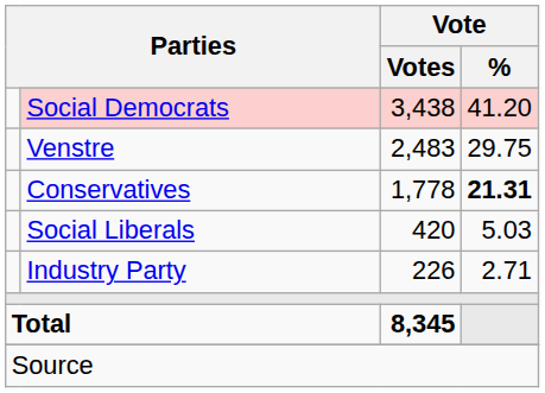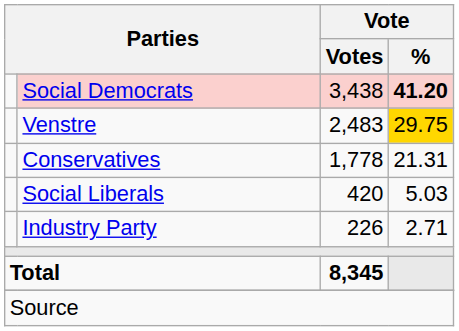 <table class="wikitable" style="text-align:right;">
 <tr>
 <th style="text-align:centre;" rowspan="2" colspan="2" width="225">Parties</th>
 <th colspan="3">Vote</th>
 </tr>
 <tr>
 <th width="15">Votes</th>
 <th width="15">%</th>
 </tr>
 <tr>
 <td width="2" style="color:inherit;background:"></td>
 <td bgcolor=#fbd0ce  align="left"><a href='#'>Social Democrats</a></td>
 <td bgcolor=#fbd0ce>3,438</td>
-<td bgcolor=#fbd0ce>41.20</td>
+<td bgcolor=#fbd0ce><strong>41.20</strong></td>
 </tr>
 <tr>
 <td width="2" style="color:inherit;background:"></td>
 <td align="left"><a href='#'>Venstre</a></td>
 <td>2,483</td>
-<td>29.75</td>
+<td style="background: gold;">29.75</td>
 </tr>
 <tr>
 <td width="2" style="color:inherit;background:"></td>
 <td align="left"><a href='#'>Conservatives</a></td>
 <td>1,778</td>
-<td><strong>21.31</strong></td>
+<td>21.31</td>
 </tr>
 <tr>
 <td width="2" style="color:inherit;background:"></td>
 <td align="left"><a href='#'>Social Liberals</a></td>
 <td>420</td>
 <td>5.03</td>
 </tr>
 <tr>
 <td width="2" style="color:inherit;background:"></td>
 <td align="left"><a href='#'>Industry Party</a></td>
 <td>226</td>
 <td>2.71</td>
 </tr>
 <tr>
 <td colspan="7" bgcolor="#E9E9E9"></td>
 </tr>
 <tr>
 <td align="left" colspan="2"><strong>Total</strong></td>
 <td><strong>8,345</strong></td>
 <td bgcolor="#E9E9E9" colspan="2"></td>
 </tr>
 <tr>
 </tr>
 <tr>
 <td align="left" colspan="6">Source</td>
 </tr>
 </table>
